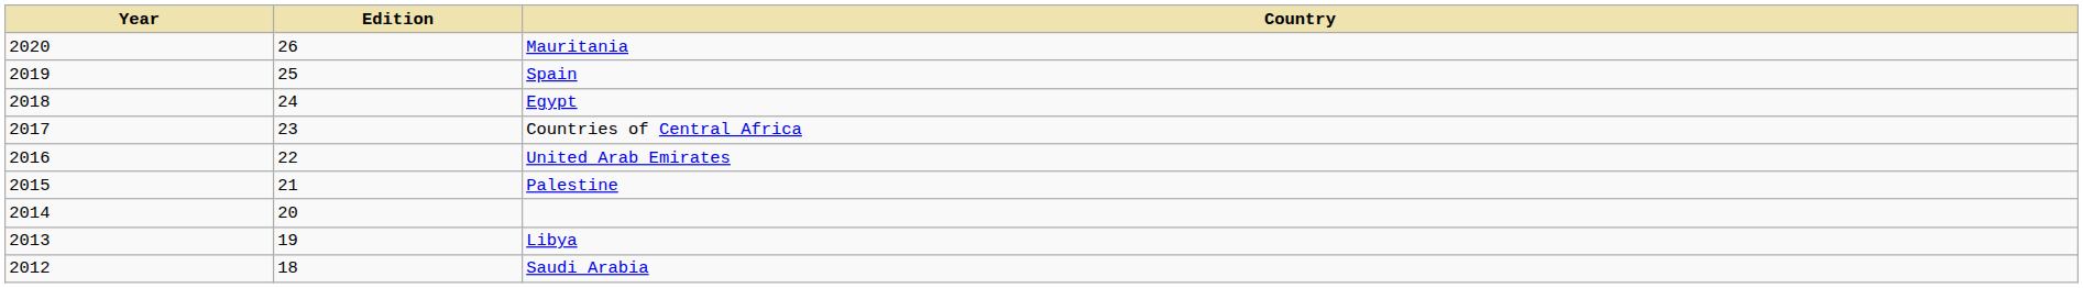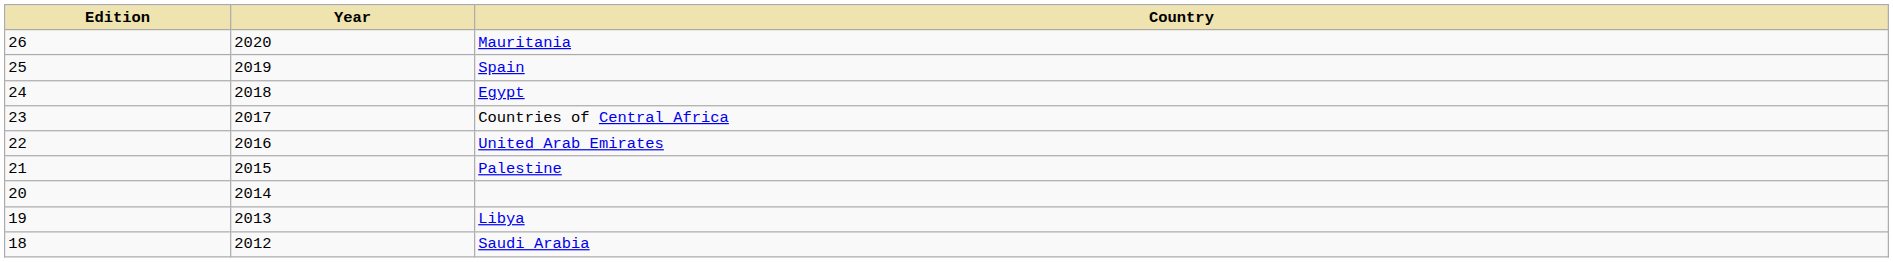 <table class="wikitable plainrowheaders" style="width:100%">
 <tr>
+<th scope="col" style="background-color:#EFE4B0;width:12%;">Edition</th>
 <th scope="col" style="background-color:#EFE4B0;widthash:5%;">Year</th>
-<th scope="col" style="background-color:#EFE4B0;width:12%;">Edition</th>
 <th scope="col" style="background-color:#EFE4B0;">Country</th>
 </tr>
 <tr>
+<td>26</td>
 <td>2020</td>
-<td>26</td>
 <td><a href='#'>Mauritania</a></td>
 </tr>
 <tr>
+<td>25</td>
 <td>2019</td>
-<td>25</td>
 <td><a href='#'>Spain</a></td>
 </tr>
 <tr>
+<td>24</td>
 <td>2018</td>
-<td>24</td>
 <td><a href='#'>Egypt</a></td>
 </tr>
 <tr>
+<td>23</td>
 <td>2017</td>
-<td>23</td>
 <td>Countries of <a href='#'>Central Africa</a></td>
 </tr>
 <tr>
+<td>22</td>
 <td>2016</td>
-<td>22</td>
 <td><a href='#'>United Arab Emirates</a></td>
 </tr>
 <tr>
+<td>21</td>
 <td>2015</td>
-<td>21</td>
 <td><a href='#'>Palestine</a></td>
 </tr>
 <tr>
+<td>20</td>
 <td>2014</td>
-<td>20</td>
 <td></td>
 </tr>
 <tr>
+<td>19</td>
 <td>2013</td>
-<td>19</td>
 <td><a href='#'>Libya</a></td>
 </tr>
 <tr>
+<td>18</td>
 <td>2012</td>
-<td>18</td>
 <td><a href='#'>Saudi Arabia</a></td>
 </tr>
 </table>
